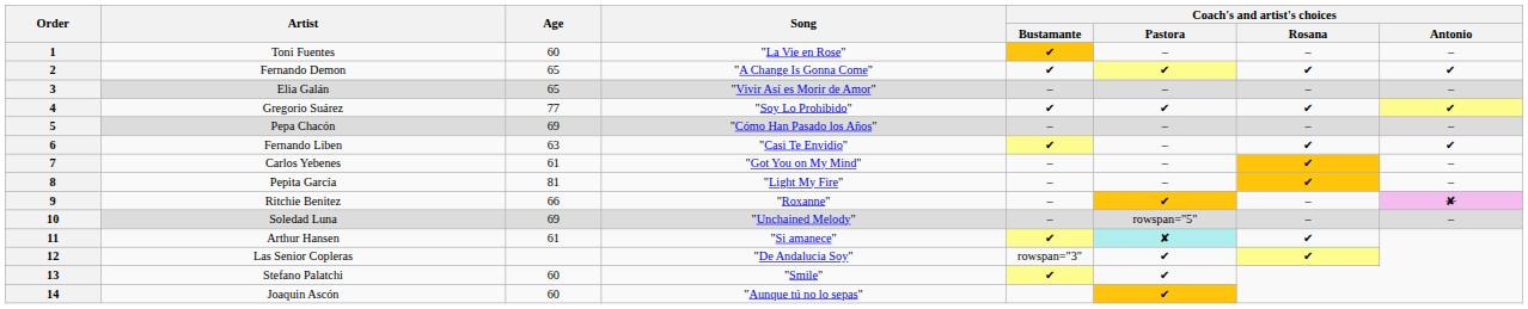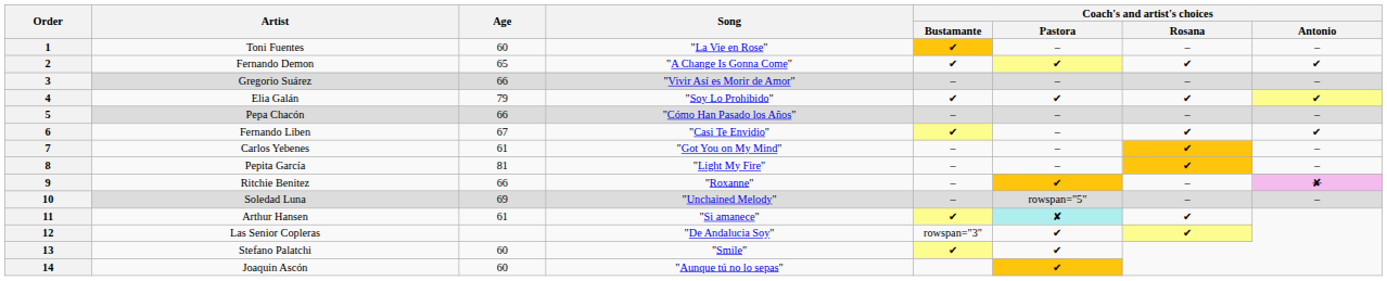 <table class="wikitable" style="text-align:center; line-height:17px; width:100%">
 <tr>
 <th scope="col" rowspan="2" style="width:04%">Order</th>
 <th scope="col" rowspan="2" style="width:17%">Artist</th>
 <th scope="col" rowspan="2" style="width:04%">Age</th>
 <th scope="col" rowspan="2" style="width:17%">Song</th>
 <th scope="col" colspan="4" style="width:24%">Coach's and artist's choices</th>
 </tr>
 <tr>
 <th style="width:02%">Bustamante</th>
 <th style="width:06%">Pastora</th>
 <th style="width:06%">Rosana</th>
 <th style="width:06%">Antonio</th>
 </tr>
 <tr>
 <th>1</th>
 <td>Toni Fuentes</td>
 <td>60</td>
 <td>"<a href='#'>La Vie en Rose</a>"</td>
 <td style="background:#ffc40c">✔</td>
 <td>–</td>
 <td>–</td>
 <td>–</td>
 </tr>
 <tr>
 <th>2</th>
 <td>Fernando Demon</td>
 <td>65</td>
 <td>"<a href='#'>A Change Is Gonna Come</a>"</td>
 <td>✔</td>
 <td style="background:#fdfc8f">✔</td>
 <td>✔</td>
 <td>✔</td>
 </tr>
 <tr style="background:#dcdcdc">
 <th>3</th>
-<td>Elia Galán</td>
-<td>65</td>
+<td>Gregorio Suárez</td>
+<td>66</td>
 <td>"<a href='#'>Vivir Así es Morir de Amor</a>"</td>
 <td>–</td>
 <td>–</td>
 <td>–</td>
 <td>–</td>
 </tr>
 <tr>
 <th>4</th>
-<td>Gregorio Suárez</td>
-<td>77</td>
+<td>Elia Galán</td>
+<td>79</td>
 <td>"<a href='#'>Soy Lo Prohibido</a>"</td>
 <td>✔</td>
 <td>✔</td>
 <td>✔</td>
 <td style="background:#fdfc8f">✔</td>
 </tr>
 <tr style="background:#dcdcdc">
 <th>5</th>
 <td>Pepa Chacón</td>
-<td>69</td>
+<td>66</td>
 <td>"<a href='#'>Cómo Han Pasado los Años</a>"</td>
 <td>–</td>
 <td>–</td>
 <td>–</td>
 <td>–</td>
 </tr>
 <tr>
 <th>6</th>
 <td>Fernando Liben</td>
-<td>63</td>
+<td>67</td>
 <td>"<a href='#'>Casi Te Envidio</a>"</td>
 <td style="background:#fdfc8f">✔</td>
 <td>–</td>
 <td>✔</td>
 <td>✔</td>
 </tr>
 <tr>
 <th>7</th>
 <td>Carlos Yebenes</td>
 <td>61</td>
 <td>"<a href='#'>Got You on My Mind</a>"</td>
 <td>–</td>
 <td>–</td>
 <td style="background:#ffc40c">✔</td>
 <td>–</td>
 </tr>
 <tr>
 <th>8</th>
 <td>Pepita García</td>
 <td>81</td>
 <td>"<a href='#'>Light My Fire</a>"</td>
 <td>–</td>
 <td>–</td>
 <td style="background:#ffc40c">✔</td>
 <td>–</td>
 </tr>
 <tr>
 <th>9</th>
 <td>Ritchie Benitez</td>
 <td>66</td>
 <td>"<a href='#'>Roxanne</a>"</td>
 <td>–</td>
 <td style="background:#ffc40c">✔</td>
 <td>–</td>
 <td style="background:#f4bbee"><s>✘</s></td>
 </tr>
 <tr style="background:#dcdcdc">
 <th>10</th>
 <td>Soledad Luna</td>
 <td>69</td>
 <td>"<a href='#'>Unchained Melody</a>"</td>
 <td>–</td>
 <td>rowspan="5" </td>
 <td>–</td>
 <td>–</td>
 </tr>
 <tr>
 <th>11</th>
 <td>Arthur Hansen</td>
 <td>61</td>
 <td>"<a href='#'>Si amanece</a>"</td>
 <td style="background:#fdfc8f">✔</td>
 <td style="background:#afeeee">✘</td>
 <td>✔</td>
 </tr>
 <tr>
 <th>12</th>
 <td>Las Senior Copleras</td>
 <td></td>
 <td>"<a href='#'>De Andalucia Soy</a>"</td>
 <td>rowspan="3" </td>
 <td>✔</td>
 <td style="background:#fdfc8f">✔</td>
 </tr>
 <tr>
 <th>13</th>
 <td>Stefano Palatchi</td>
 <td>60</td>
 <td>"<a href='#'>Smile</a>"</td>
 <td style="background:#fdfc8f">✔</td>
 <td>✔</td>
 </tr>
 <tr>
 <th>14</th>
 <td>Joaquin Ascón</td>
 <td>60</td>
 <td>"<a href='#'>Aunque tú no lo sepas</a>"</td>
 <td></td>
 <td style="background:#ffc40c">✔</td>
 </tr>
 </table>
